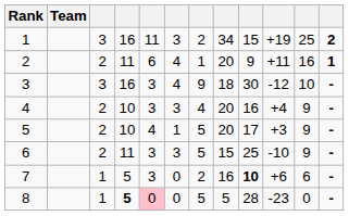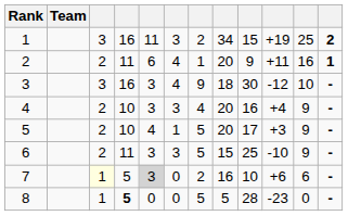 <table class="wikitable sortable" style="text-align:center">
 <tr>
 <th width=20>Rank</th>
 <th width=20>Team</th>
 <th width=20></th>
 <th width=20></th>
 <th width=20></th>
 <th width=20></th>
 <th width=20></th>
 <th width=20></th>
 <th width=20></th>
 <th width=20></th>
 <th width=20></th>
 <th width=20></th>
 </tr>
 <tr>
 <td>1</td>
 <td align=left></td>
 <td>3</td>
 <td>16</td>
 <td>11</td>
 <td>3</td>
 <td>2</td>
 <td>34</td>
 <td>15</td>
 <td>+19</td>
 <td>25</td>
 <td><strong>2</strong></td>
 </tr>
 <tr>
 <td>2</td>
 <td align=left></td>
 <td>2</td>
 <td>11</td>
 <td>6</td>
 <td>4</td>
 <td>1</td>
 <td>20</td>
 <td>9</td>
 <td>+11</td>
 <td>16</td>
 <td><strong>1</strong></td>
 </tr>
 <tr>
 <td>3</td>
 <td align=left></td>
 <td>3</td>
 <td>16</td>
 <td>3</td>
 <td>4</td>
 <td>9</td>
 <td>18</td>
 <td>30</td>
 <td>-12</td>
 <td>10</td>
 <td><strong>-</strong></td>
 </tr>
 <tr>
 <td>4</td>
 <td align=left></td>
 <td>2</td>
 <td>10</td>
 <td>3</td>
 <td>3</td>
 <td>4</td>
 <td>20</td>
 <td>16</td>
 <td>+4</td>
 <td>9</td>
 <td><strong>-</strong></td>
 </tr>
 <tr>
 <td>5</td>
 <td align=left></td>
 <td>2</td>
 <td>10</td>
 <td>4</td>
 <td>1</td>
 <td>5</td>
 <td>20</td>
 <td>17</td>
 <td>+3</td>
 <td>9</td>
 <td><strong>-</strong></td>
 </tr>
 <tr>
 <td>6</td>
 <td align=left></td>
 <td>2</td>
 <td>11</td>
 <td>3</td>
 <td>3</td>
 <td>5</td>
 <td>15</td>
 <td>25</td>
 <td>-10</td>
 <td>9</td>
 <td><strong>-</strong></td>
 </tr>
 <tr>
 <td>7</td>
 <td align=left></td>
-<td>1</td>
+<td style="background: lightyellow;">1</td>
 <td>5</td>
-<td>3</td>
+<td style="background: lightgrey;">3</td>
 <td>0</td>
 <td>2</td>
 <td>16</td>
-<td><strong>10</strong></td>
+<td>10</td>
 <td>+6</td>
 <td>6</td>
 <td><strong>-</strong></td>
 </tr>
 <tr>
 <td>8</td>
 <td align=left></td>
 <td>1</td>
 <td><strong>5</strong></td>
-<td style="background: pink;">0</td>
+<td>0</td>
 <td>0</td>
 <td>5</td>
 <td>5</td>
 <td>28</td>
 <td>-23</td>
 <td>0</td>
 <td><strong>-</strong></td>
 </tr>
 </table>
